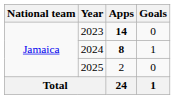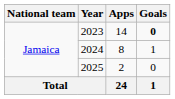 <table class=wikitable style=text-align:center>
 <tr>
 <th>National team</th>
 <th>Year</th>
 <th>Apps</th>
 <th>Goals</th>
 </tr>
 <tr>
 <td rowspan="3"><a href='#'>Jamaica</a></td>
 <td>2023</td>
-<td><strong>14</strong></td>
-<td>0</td>
+<td>14</td>
+<td><strong>0</strong></td>
 </tr>
 <tr>
 <td>2024</td>
-<td><strong>8</strong></td>
+<td>8</td>
 <td>1</td>
 </tr>
 <tr>
 <td>2025</td>
 <td>2</td>
 <td>0</td>
 </tr>
 <tr>
 <th colspan=2>Total</th>
 <th>24</th>
 <th>1</th>
 </tr>
 </table>
